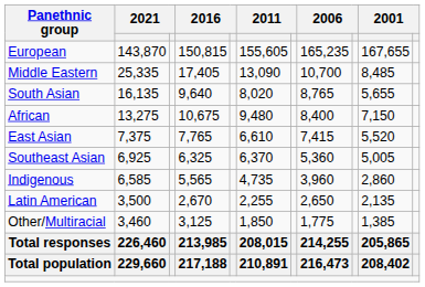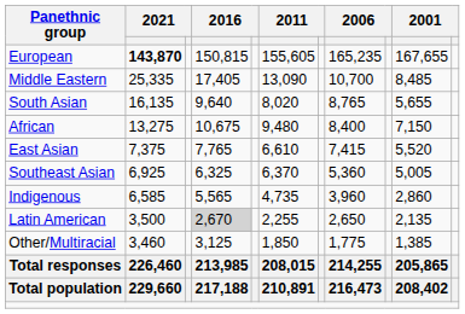 <table class="wikitable collapsible sortable">
 <tr>
 <th rowspan="2"><a href='#'>Panethnic</a><br>group</th>
 <th colspan="2">2021</th>
 <th colspan="2">2016</th>
 <th colspan="2">2011</th>
 <th colspan="2">2006</th>
 <th colspan="2">2001</th>
 </tr>
 <tr>
 <th><a href='#'></a></th>
 <th></th>
 <th></th>
 <th></th>
 <th></th>
 <th></th>
 <th></th>
 <th></th>
 <th></th>
 <th></th>
 </tr>
 <tr>
 <td><a href='#'>European</a></td>
-<td>143,870</td>
+<td><strong>143,870</strong></td>
 <td></td>
 <td>150,815</td>
 <td></td>
 <td>155,605</td>
 <td></td>
 <td>165,235</td>
 <td></td>
 <td>167,655</td>
 <td></td>
 </tr>
 <tr>
 <td><a href='#'>Middle Eastern</a></td>
 <td>25,335</td>
 <td></td>
 <td>17,405</td>
 <td></td>
 <td>13,090</td>
 <td></td>
 <td>10,700</td>
 <td></td>
 <td>8,485</td>
 <td></td>
 </tr>
 <tr>
 <td><a href='#'>South Asian</a></td>
 <td>16,135</td>
 <td></td>
 <td>9,640</td>
 <td></td>
 <td>8,020</td>
 <td></td>
 <td>8,765</td>
 <td></td>
 <td>5,655</td>
 <td></td>
 </tr>
 <tr>
 <td><a href='#'>African</a></td>
 <td>13,275</td>
 <td></td>
 <td>10,675</td>
 <td></td>
 <td>9,480</td>
 <td></td>
 <td>8,400</td>
 <td></td>
 <td>7,150</td>
 <td></td>
 </tr>
 <tr>
 <td><a href='#'>East Asian</a></td>
 <td>7,375</td>
 <td></td>
 <td>7,765</td>
 <td></td>
 <td>6,610</td>
 <td></td>
 <td>7,415</td>
 <td></td>
 <td>5,520</td>
 <td></td>
 </tr>
 <tr>
 <td><a href='#'>Southeast Asian</a></td>
 <td>6,925</td>
 <td></td>
 <td>6,325</td>
 <td></td>
 <td>6,370</td>
 <td></td>
 <td>5,360</td>
 <td></td>
 <td>5,005</td>
 <td></td>
 </tr>
 <tr>
 <td><a href='#'>Indigenous</a></td>
 <td>6,585</td>
 <td></td>
 <td>5,565</td>
 <td></td>
 <td>4,735</td>
 <td></td>
 <td>3,960</td>
 <td></td>
 <td>2,860</td>
 <td></td>
 </tr>
 <tr>
 <td><a href='#'>Latin American</a></td>
 <td>3,500</td>
 <td></td>
-<td>2,670</td>
+<td style="background: lightgrey;">2,670</td>
 <td></td>
 <td>2,255</td>
 <td></td>
 <td>2,650</td>
 <td></td>
 <td>2,135</td>
 <td></td>
 </tr>
 <tr>
 <td>Other/<a href='#'>Multiracial</a></td>
 <td>3,460</td>
 <td></td>
 <td>3,125</td>
 <td></td>
 <td>1,850</td>
 <td></td>
 <td>1,775</td>
 <td></td>
 <td>1,385</td>
 <td></td>
 </tr>
 <tr>
 <th>Total responses</th>
 <th>226,460</th>
 <th></th>
 <th>213,985</th>
 <th></th>
 <th>208,015</th>
 <th></th>
 <th>214,255</th>
 <th></th>
 <th>205,865</th>
 <th></th>
 </tr>
 <tr>
 <th>Total population</th>
 <th>229,660</th>
 <th></th>
 <th>217,188</th>
 <th></th>
 <th>210,891</th>
 <th></th>
 <th>216,473</th>
 <th></th>
 <th>208,402</th>
 <th></th>
 </tr>
 <tr class="sortbottom">
 <td colspan="15"></td>
 </tr>
 </table>
